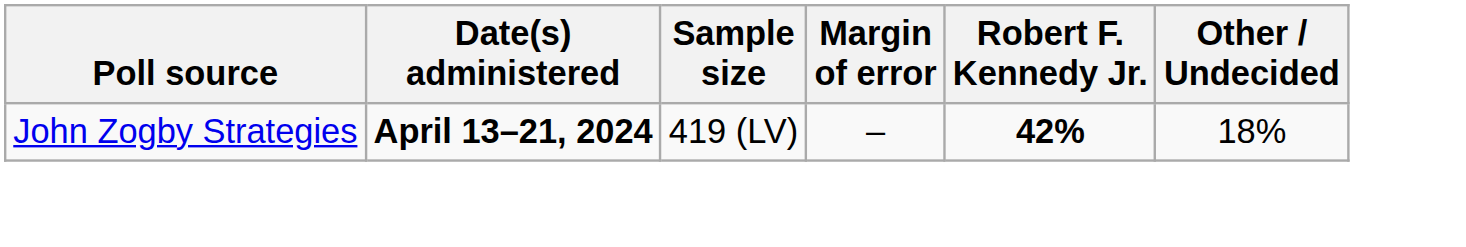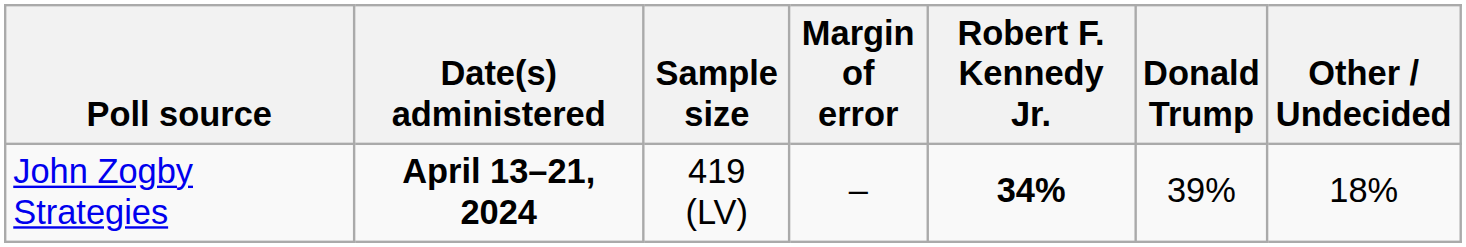 <table class="wikitable sortable mw-datatable" style="font-size:90%;text-align:center;line-height:17px">
 <tr valign=bottom>
 <th>Poll source</th>
 <th>Date(s)<br>administered</th>
 <th>Sample<br>size</th>
 <th>Margin<br>of error</th>
 <th class="unsortable">Robert F.<br>Kennedy Jr.<br></th>
+<th class="unsortable">Donald<br>Trump<br></th>
 <th class="unsortable">Other /<br>Undecided</th>
 </tr>
 <tr>
 <td style="text-align:left;"><a href='#'>John Zogby Strategies</a></td>
 <td data-sort-value="2024-05-01"><strong>April 13–21, 2024</strong></td>
 <td>419 (LV)</td>
 <td>–</td>
-<td style="background-color:"><strong>42%</strong></td>
+<td style="background-color:"><strong>34%</strong></td>
+<td>39%</td>
 <td>18%</td>
 </tr>
 </table>
